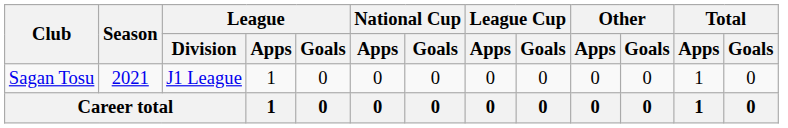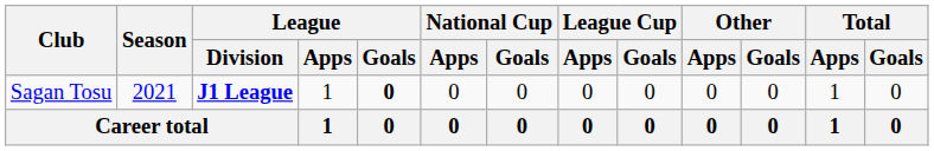 <table class="wikitable" style="text-align: center">
 <tr>
 <th rowspan="2">Club</th>
 <th rowspan="2">Season</th>
 <th colspan="3">League</th>
 <th colspan="2">National Cup</th>
 <th colspan="2">League Cup</th>
 <th colspan="2">Other</th>
 <th colspan="2">Total</th>
 </tr>
 <tr>
 <th>Division</th>
 <th>Apps</th>
 <th>Goals</th>
 <th>Apps</th>
 <th>Goals</th>
 <th>Apps</th>
 <th>Goals</th>
 <th>Apps</th>
 <th>Goals</th>
 <th>Apps</th>
 <th>Goals</th>
 </tr>
 <tr>
 <td><a href='#'>Sagan Tosu</a></td>
 <td><a href='#'>2021</a></td>
-<td><a href='#'>J1 League</a></td>
+<td><strong><a href='#'>J1 League</a></strong></td>
 <td>1</td>
-<td>0</td>
+<td><strong>0</strong></td>
 <td>0</td>
 <td>0</td>
 <td>0</td>
 <td>0</td>
 <td>0</td>
 <td>0</td>
 <td>1</td>
 <td>0</td>
 </tr>
 <tr>
 <th colspan=3>Career total</th>
 <th>1</th>
 <th>0</th>
 <th>0</th>
 <th>0</th>
 <th>0</th>
 <th>0</th>
 <th>0</th>
 <th>0</th>
 <th>1</th>
 <th>0</th>
 </tr>
 </table>
